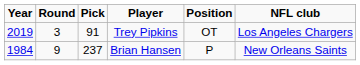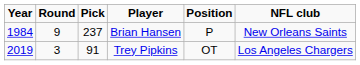 <table class="wikitable" style="text-align:center">
 <tr style="text-align:center; ">
 <td><strong>Year</strong></td>
 <td><strong>Round</strong></td>
 <td><strong>Pick</strong></td>
 <td><strong>Player</strong></td>
 <td><strong>Position</strong></td>
 <td><strong>NFL club</strong></td>
 </tr>
 <tr>
+<td><a href='#'>1984</a></td>
+<td>9</td>
+<td>237</td>
+<td><a href='#'>Brian Hansen</a></td>
+<td>P</td>
+<td><a href='#'>New Orleans Saints</a></td>
+</tr>
+<tr>
 <td><a href='#'>2019</a></td>
 <td>3</td>
 <td>91</td>
 <td><a href='#'>Trey Pipkins</a></td>
 <td>OT</td>
 <td><a href='#'>Los Angeles Chargers</a></td>
 </tr>
-<tr>
-<td><a href='#'>1984</a></td>
-<td>9</td>
-<td>237</td>
-<td><a href='#'>Brian Hansen</a></td>
-<td>P</td>
-<td><a href='#'>New Orleans Saints</a></td>
-</tr>
 </table>
